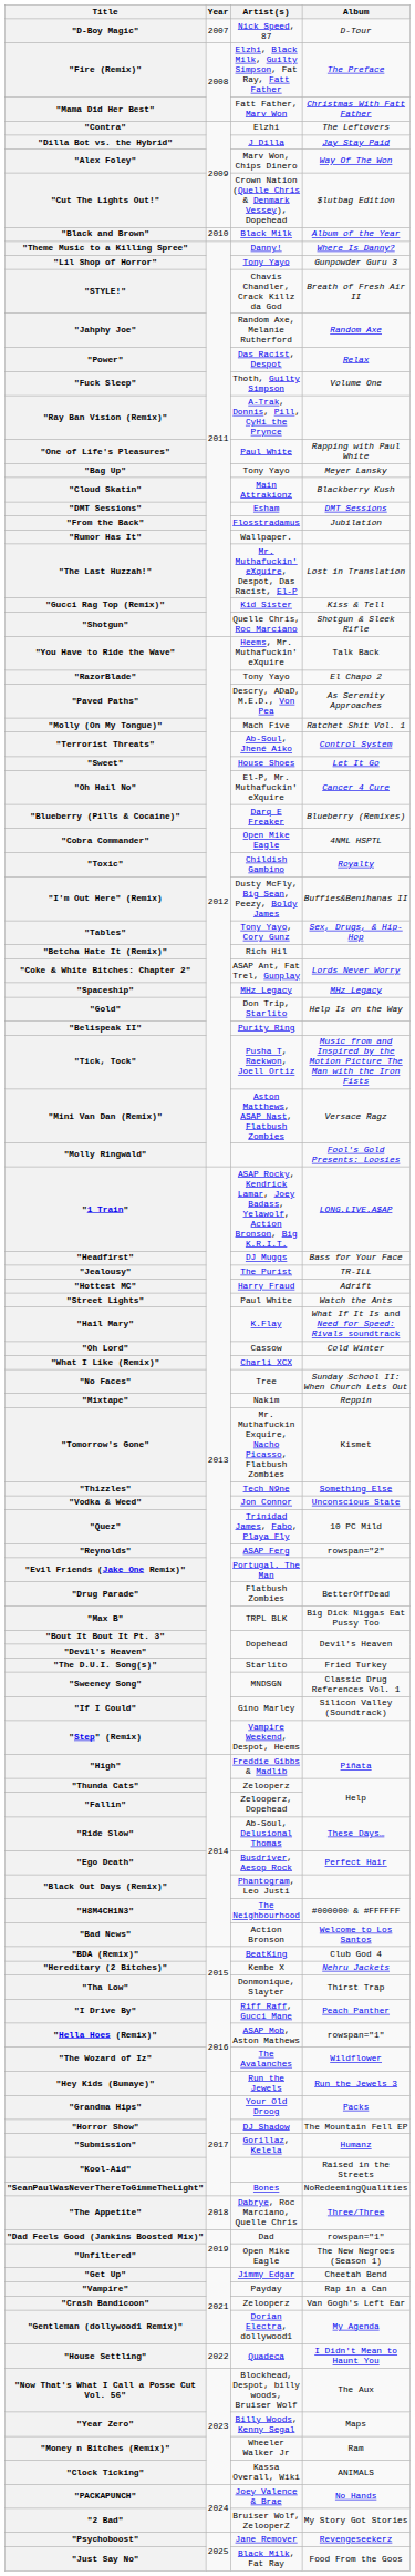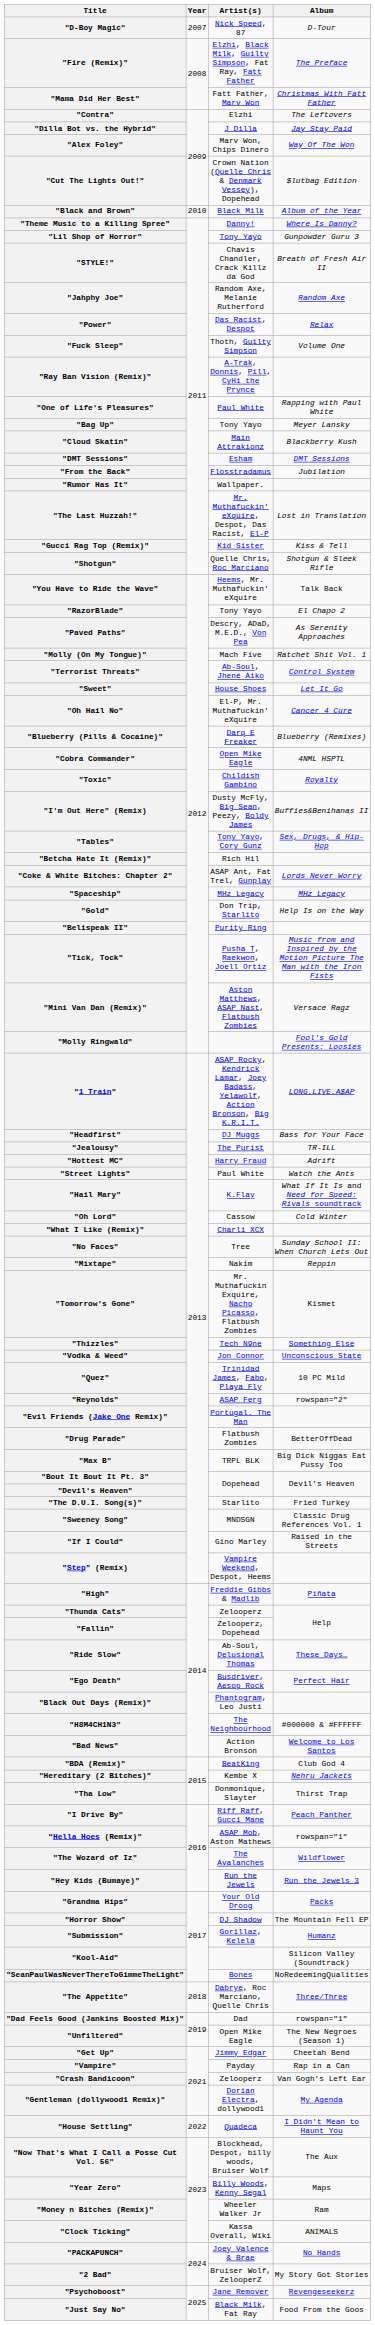 <table class="wikitable plainrowheaders" style="text-align:center;">
 <tr>
 <th scope="col" style="width:16em;">Title</th>
 <th scope="col">Year</th>
 <th scope="col">Artist(s)</th>
 <th scope="col">Album</th>
 </tr>
 <tr>
 <th scope="row">"D-Boy Magic"</th>
 <td>2007</td>
 <td><a href='#'>Nick Speed</a>, 87</td>
 <td><em>D-Tour</em></td>
 </tr>
 <tr>
 <th scope="row">"Fire (Remix)"</th>
 <td rowspan="2">2008</td>
 <td><a href='#'>Elzhi</a>, <a href='#'>Black Milk</a>, <a href='#'>Guilty Simpson</a>, Fat Ray, <a href='#'>Fatt Father</a></td>
 <td><em><a href='#'>The Preface</a></em></td>
 </tr>
 <tr>
 <th scope="row">"Mama Did Her Best"</th>
 <td>Fatt Father, <a href='#'>Marv Won</a></td>
 <td><em><a href='#'>Christmas With Fatt Father</a></em></td>
 </tr>
 <tr>
 <th scope="row">"Contra"</th>
 <td rowspan="4">2009</td>
 <td>Elzhi</td>
 <td><em>The Leftovers</em></td>
 </tr>
 <tr>
 <th scope="row">"Dilla Bot vs. the Hybrid"</th>
 <td><a href='#'>J Dilla</a></td>
 <td><em><a href='#'>Jay Stay Paid</a></em></td>
 </tr>
 <tr>
 <th scope="row">"Alex Foley"</th>
 <td>Marv Won, Chips Dinero</td>
 <td><em><a href='#'>Way Of The Won</a></em></td>
 </tr>
 <tr>
 <th scope="row">"Cut The Lights Out!"</th>
 <td>Crown Nation (<a href='#'>Quelle Chris</a> & <a href='#'>Denmark Vessey</a>), Dopehead</td>
 <td><em>$lutbag Edition</em></td>
 </tr>
 <tr>
 <th scope="row">"Black and Brown"</th>
 <td>2010</td>
 <td><a href='#'>Black Milk</a></td>
 <td><em><a href='#'>Album of the Year</a></em></td>
 </tr>
 <tr>
 <th scope="row">"Theme Music to a Killing Spree"</th>
 <td rowspan="16">2011</td>
 <td><a href='#'>Danny!</a></td>
 <td><em><a href='#'>Where Is Danny?</a></em></td>
 </tr>
 <tr>
 <th scope="row">"Lil Shop of Horror"</th>
 <td><a href='#'>Tony Yayo</a></td>
 <td><em>Gunpowder Guru 3</em></td>
 </tr>
 <tr>
 <th scope="row">"STYLE!"</th>
 <td>Chavis Chandler, Crack Killz da God</td>
 <td><em>Breath of Fresh Air II</em></td>
 </tr>
 <tr>
 <th scope="row">"Jahphy Joe"</th>
 <td>Random Axe, Melanie Rutherford</td>
 <td><em><a href='#'>Random Axe</a></em></td>
 </tr>
 <tr>
 <th scope="row">"Power"</th>
 <td><a href='#'>Das Racist</a>, <a href='#'>Despot</a></td>
 <td><em><a href='#'>Relax</a></em></td>
 </tr>
 <tr>
 <th scope="row">"Fuck Sleep"</th>
 <td>Thoth, <a href='#'>Guilty Simpson</a></td>
 <td><em>Volume One</em></td>
 </tr>
 <tr>
 <th scope="row">"Ray Ban Vision (Remix)"</th>
 <td><a href='#'>A-Trak</a>, <a href='#'>Donnis</a>, <a href='#'>Pill</a>, <a href='#'>CyHi the Prynce</a></td>
 <td></td>
 </tr>
 <tr>
 <th scope="row">"One of Life's Pleasures"</th>
 <td><a href='#'>Paul White</a></td>
 <td><em>Rapping with Paul White</em></td>
 </tr>
 <tr>
 <th scope="row">"Bag Up"</th>
 <td>Tony Yayo</td>
 <td><em>Meyer Lansky</em></td>
 </tr>
 <tr>
 <th scope="row">"Cloud Skatin"</th>
 <td><a href='#'>Main Attrakionz</a></td>
 <td><em>Blackberry Kush</em></td>
 </tr>
 <tr>
 <th scope="row">"DMT Sessions"</th>
 <td><a href='#'>Esham</a></td>
 <td><em><a href='#'>DMT Sessions</a></em></td>
 </tr>
 <tr>
 <th scope="row">"From the Back"</th>
 <td><a href='#'>Flosstradamus</a></td>
 <td><em>Jubilation</em></td>
 </tr>
 <tr>
 <th scope="row">"Rumor Has It"</th>
 <td>Wallpaper.</td>
 <td></td>
 </tr>
 <tr>
 <th scope="row">"The Last Huzzah!"</th>
 <td><a href='#'>Mr. Muthafuckin' eXquire</a>, Despot, Das Racist, <a href='#'>El-P</a></td>
 <td><em>Lost in Translation</em></td>
 </tr>
 <tr>
 <th scope="row">"Gucci Rag Top (Remix)"</th>
 <td><a href='#'>Kid Sister</a></td>
 <td><em>Kiss & Tell</em></td>
 </tr>
 <tr>
 <th scope="row">"Shotgun"</th>
 <td>Quelle Chris, <a href='#'>Roc Marciano</a></td>
 <td><em>Shotgun & Sleek Rifle</em></td>
 </tr>
 <tr>
 <th scope="row">"You Have to Ride the Wave"</th>
 <td rowspan="20">2012</td>
 <td><a href='#'>Heems</a>, Mr. Muthafuckin' eXquire</td>
 <td></em>Talk Back<em></td>
 </tr>
 <tr>
 <th scope="row">"RazorBlade"</th>
 <td>Tony Yayo</td>
 <td><em>El Chapo 2</em></td>
 </tr>
 <tr>
 <th scope="row">"Paved Paths"</th>
 <td>Descry, ADaD, M.E.D., <a href='#'>Von Pea</a></td>
 <td><em>As Serenity Approaches</em></td>
 </tr>
 <tr>
 <th scope="row">"Molly (On My Tongue)"</th>
 <td>Mach Five</td>
 <td><em>Ratchet Shit Vol. 1</em></td>
 </tr>
 <tr>
 <th scope="row">"Terrorist Threats"</th>
 <td><a href='#'>Ab-Soul</a>, <a href='#'>Jhené Aiko</a></td>
 <td><em><a href='#'>Control System</a></em></td>
 </tr>
 <tr>
 <th scope="row">"Sweet"</th>
 <td><a href='#'>House Shoes</a></td>
 <td><em><a href='#'>Let It Go</a></em></td>
 </tr>
 <tr>
 <th scope="row">"Oh Hail No"</th>
 <td>El-P, Mr. Muthafuckin' eXquire</td>
 <td><em><a href='#'>Cancer 4 Cure</a></em></td>
 </tr>
 <tr>
 <th scope="row">"Blueberry (Pills & Cocaine)"</th>
 <td><a href='#'>Darq E Freaker</a></td>
 <td><em>Blueberry (Remixes)</em></td>
 </tr>
 <tr>
 <th scope="row">"Cobra Commander"</th>
 <td><a href='#'>Open Mike Eagle</a></td>
 <td><em>4NML HSPTL</em></td>
 </tr>
 <tr>
 <th scope="row">"Toxic"</th>
 <td><a href='#'>Childish Gambino</a></td>
 <td><em><a href='#'>Royalty</a></em></td>
 </tr>
 <tr>
 <th scope="row">"I'm Out Here" (Remix)</th>
 <td>Dusty McFly, <a href='#'>Big Sean</a>, Peezy, <a href='#'>Boldy James</a></td>
 <td><em>Buffies&Benihanas II</em></td>
 </tr>
 <tr>
 <th scope="row">"Tables"</th>
 <td><a href='#'>Tony Yayo</a>, <a href='#'>Cory Gunz</a></td>
 <td><em><a href='#'>Sex, Drugs, & Hip-Hop</a></em></td>
 </tr>
 <tr>
 <th scope="row">"Betcha Hate It (Remix)"</th>
 <td>Rich Hil</td>
 <td></td>
 </tr>
 <tr>
 <th scope="row">"Coke & White Bitches: Chapter 2"</th>
 <td>ASAP Ant, Fat Trel, <a href='#'>Gunplay</a></td>
 <td><em><a href='#'>Lords Never Worry</a></em></td>
 </tr>
 <tr>
 <th scope="row">"Spaceship"</th>
 <td><a href='#'>MHz Legacy</a></td>
 <td><em><a href='#'>MHz Legacy</a></em></td>
 </tr>
 <tr>
 <th scope="row">"Gold"</th>
 <td>Don Trip, <a href='#'>Starlito</a></td>
 <td><em>Help Is on the Way</em></td>
 </tr>
 <tr>
 <th scope="row">"Belispeak II"</th>
 <td><a href='#'>Purity Ring</a></td>
 <td></td>
 </tr>
 <tr>
 <th scope="row">"Tick, Tock"</th>
 <td><a href='#'>Pusha T</a>, <a href='#'>Raekwon</a>, <a href='#'>Joell Ortiz</a></td>
 <td><em><a href='#'>Music from and Inspired by the Motion Picture The Man with the Iron Fists</a></em></td>
 </tr>
 <tr>
 <th scope="row">"Mini Van Dan (Remix)"</th>
 <td><a href='#'>Aston Matthews</a>, <a href='#'>ASAP Nast</a>, <a href='#'>Flatbush Zombies</a></td>
 <td><em>Versace Ragz</em></td>
 </tr>
 <tr>
 <th scope="row">"Molly Ringwald"</th>
 <td></td>
 <td><em><a href='#'>Fool's Gold Presents: Loosies</a></em></td>
 </tr>
 <tr>
 <th scope="row">"<a href='#'>1 Train</a>"</th>
 <td rowspan="24">2013</td>
 <td><a href='#'>ASAP Rocky</a>, <a href='#'>Kendrick Lamar</a>, <a href='#'>Joey Badass</a>, <a href='#'>Yelawolf</a>, <a href='#'>Action Bronson</a>, <a href='#'>Big K.R.I.T.</a></td>
 <td><em><a href='#'>LONG.LIVE.A$AP</a></em></td>
 </tr>
 <tr>
 <th scope="row">"Headfirst"</th>
 <td><a href='#'>DJ Muggs</a></td>
 <td><em>Bass for Your Face</em></td>
 </tr>
 <tr>
 <th scope="row">"Jealousy"</th>
 <td><a href='#'>The Purist</a></td>
 <td><em>TR-ILL</em></td>
 </tr>
 <tr>
 <th scope="row">"Hottest MC"</th>
 <td><a href='#'>Harry Fraud</a></td>
 <td><em>Adrift</em></td>
 </tr>
 <tr>
 <th scope="row">"Street Lights"</th>
 <td>Paul White</td>
 <td><em>Watch the Ants</em></td>
 </tr>
 <tr>
 <th scope="row">"Hail Mary"</th>
 <td><a href='#'>K.Flay</a></td>
 <td><em>What If It Is</em> and <a href='#'><em>Need for Speed: Rivals</em> soundtrack</a></td>
 </tr>
 <tr>
 <th scope="row">"Oh Lord"</th>
 <td>Cassow</td>
 <td><em>Cold Winter</em></td>
 </tr>
 <tr>
 <th scope="row">"What I Like (Remix)"</th>
 <td><a href='#'>Charli XCX</a></td>
 <td></td>
 </tr>
 <tr>
 <th scope="row">"No Faces"</th>
 <td>Tree</td>
 <td><em>Sunday School II: When Church Lets Out</em></td>
 </tr>
 <tr>
 <th scope="row">"Mixtape"</th>
 <td>Nakim</td>
 <td><em>Reppin<strong></td>
 </tr>
 <tr>
 <th scope="row">"Tomorrow's Gone"</th>
 <td>Mr. Muthafuckin Exquire, <a href='#'>Nacho Picasso</a>, Flatbush Zombies</td>
 <td></em>Kismet<em></td>
 </tr>
 <tr>
 <th scope="row">"Thizzles"</th>
 <td><a href='#'>Tech N9ne</a></td>
 <td></em><a href='#'>Something Else</a><em></td>
 </tr>
 <tr>
 <th scope="row">"Vodka & Weed"</th>
 <td><a href='#'>Jon Connor</a></td>
 <td></em><a href='#'>Unconscious State</a><em></td>
 </tr>
 <tr>
 <th scope="row">"Quez"</th>
 <td><a href='#'>Trinidad James</a>, <a href='#'>Fabo</a>, <a href='#'>Playa Fly</a></td>
 <td></em>10 PC Mild<em></td>
 </tr>
 <tr>
 <th scope="row">"Reynolds"</th>
 <td><a href='#'>ASAP Ferg</a></td>
 <td>rowspan="2" </td>
 </tr>
 <tr>
 <th scope="row">"Evil Friends (<a href='#'>Jake One</a> Remix)"</th>
 <td><a href='#'>Portugal. The Man</a></td>
 </tr>
 <tr>
 <th scope="row">"Drug Parade"</th>
 <td>Flatbush Zombies</td>
 <td></em>BetterOffDead<em></td>
 </tr>
 <tr>
 <th scope="row">"Max B"</th>
 <td>TRPL BLK</td>
 <td></em>Big Dick Niggas Eat Pussy Too<em></td>
 </tr>
 <tr>
 <th scope="row">"Bout It Bout It Pt. 3"</th>
 <td rowspan="2">Dopehead</td>
 <td rowspan="2"></em>Devil's Heaven<em></td>
 </tr>
 <tr>
 <th scope="row">"Devil's Heaven"</th>
 </tr>
 <tr>
 <th scope="row">"The D.U.I. Song(s)"</th>
 <td>Starlito</td>
 <td></em>Fried Turkey<em></td>
 </tr>
 <tr>
 <th scope="row">"Sweeney Song"</th>
 <td>MNDSGN</td>
 <td></em>Classic Drug References Vol. 1<em></td>
 </tr>
 <tr>
 <th scope="row">"If I Could"</th>
 <td>Gino Marley</td>
-<td></em>Silicon Valley (Soundtrack)<em></td>
+<td></em>Raised in the Streets<em></td>
 </tr>
 <tr>
 <th scope="row">"<a href='#'>Step</a>" (Remix)</th>
 <td><a href='#'>Vampire Weekend</a>, Despot, Heems</td>
 <td></td>
 </tr>
 <tr>
 <th scope="row">"High"</th>
 <td rowspan="8">2014</td>
 <td><a href='#'>Freddie Gibbs</a> & <a href='#'>Madlib</a></td>
 <td></em><a href='#'>Piñata</a><em></td>
 </tr>
 <tr>
 <th scope="row">"Thunda Cats"</th>
 <td>Zelooperz</td>
 <td rowspan="2"></em>Help<em></td>
 </tr>
 <tr>
 <th scope="row">"Fallin"</th>
 <td>Zelooperz, Dopehead</td>
 </tr>
 <tr>
 <th scope="row">"Ride Slow"</th>
 <td>Ab-Soul, <a href='#'>Delusional Thomas</a></td>
 <td></em><a href='#'>These Days…</a><em></td>
 </tr>
 <tr>
 <th scope="row">"Ego Death"</th>
 <td><a href='#'>Busdriver</a>, <a href='#'>Aesop Rock</a></td>
 <td></em><a href='#'>Perfect Hair</a><em></td>
 </tr>
 <tr>
 <th scope="row">"Black Out Days (Remix)"</th>
 <td><a href='#'>Phantogram</a>, Leo Justi</td>
 <td></td>
 </tr>
 <tr>
 <th scope="row">"H8M4CH1N3"<br></th>
 <td><a href='#'>The Neighbourhood</a></td>
 <td></em>#000000 & #FFFFFF<em></td>
 </tr>
 <tr>
 <th scope="row">"Bad News"</th>
 <td>Action Bronson</td>
 <td></em><a href='#'>Welcome to Los Santos</a><em></td>
 </tr>
 <tr>
 <th scope="row">"BDA (Remix)"</th>
 <td rowspan="3">2015</td>
 <td><a href='#'>BeatKing</a></td>
 <td></em>Club God 4<em></td>
 </tr>
 <tr>
 <th scope="row">"Hereditary (2 Bitches)"</th>
 <td>Kembe X</td>
 <td><em><a href='#'>Nehru Jackets</a></em></td>
 </tr>
 <tr>
 <th scope="row">"Tha Low"</th>
 <td>Donmonique, Slayter</td>
 <td></em>Thirst Trap<em></td>
 </tr>
 <tr>
 <th scope="row">"I Drive By"</th>
 <td rowspan="4">2016</td>
 <td><a href='#'>Riff Raff</a>, <a href='#'>Gucci Mane</a></td>
 <td></em><a href='#'>Peach Panther</a><em></td>
 </tr>
 <tr>
 <th scope="row">"<a href='#'>Hella Hoes</a> (Remix)"</th>
 <td><a href='#'>ASAP Mob</a>, Aston Mathews</td>
 <td>rowspan="1" </td>
 </tr>
 <tr>
 <th scope="row">"The Wozard of Iz"</th>
 <td><a href='#'>The Avalanches</a></td>
 <td><a href='#'>Wildflower</a></td>
 </tr>
 <tr>
 <th scope="row">"Hey Kids (Bumaye)"</th>
 <td><a href='#'>Run the Jewels</a></td>
 <td></em><a href='#'>Run the Jewels 3</a><em></td>
 </tr>
 <tr>
 <th scope="row">"Grandma Hips"</th>
 <td rowspan="5">2017</td>
 <td><a href='#'>Your Old Droog</a></td>
 <td></em><a href='#'>Packs</a><em></td>
 </tr>
 <tr>
 <th scope="row">"Horror Show"</th>
 <td><a href='#'>DJ Shadow</a></td>
 <td></em>The Mountain Fell EP<em></td>
 </tr>
 <tr>
 <th scope="row">"Submission"</th>
 <td><a href='#'>Gorillaz</a>, <a href='#'>Kelela</a></td>
 <td></em><a href='#'>Humanz</a><em></td>
 </tr>
 <tr>
 <th scope="row">"Kool-Aid"</th>
 <td></td>
-<td></em>Raised in the Streets<em></td>
+<td></em>Silicon Valley (Soundtrack)<em></td>
 </tr>
 <tr>
 <th scope="row">"SeanPaulWasNeverThereToGimmeTheLight"</th>
 <td><a href='#'>Bones</a></td>
 <td></em>NoRedeemingQualities<em></td>
 </tr>
 <tr>
 <th scope="row">"The Appetite"</th>
 <td>2018</td>
 <td><a href='#'>Dabrye</a>, Roc Marciano, Quelle Chris</td>
 <td></em><a href='#'>Three/Three</a><em></td>
 </tr>
 <tr>
 <th scope="row">"Dad Feels Good (Jankins Boosted Mix)"</th>
 <td rowspan="2">2019</td>
 <td>Dad</td>
 <td>rowspan="1" </td>
 </tr>
 <tr>
 <th scope="row">"Unfiltered"</th>
 <td>Open Mike Eagle</td>
 <td></em>The New Negroes (Season 1)<em></td>
 </tr>
 <tr>
 <th scope="row">"Get Up"</th>
 <td rowspan="4">2021</td>
 <td><a href='#'>Jimmy Edgar</a></td>
 <td></em>Cheetah Bend<em></td>
 </tr>
 <tr>
 <th scope="row">"Vampire"</th>
 <td>Payday</td>
 <td></em>Rap in a Can<em></td>
 </tr>
 <tr>
 <th scope="row">"Crash Bandicoon"</th>
 <td>Zelooperz</td>
 <td></em>Van Gogh's Left Ear<em></td>
 </tr>
 <tr>
 <th scope="row">"Gentleman (dollywood1 Remix)"</th>
 <td><a href='#'>Dorian Electra</a>, dollywood1</td>
 <td></em><a href='#'>My Agenda</a><em></td>
 </tr>
 <tr>
 <th scope="row">"House Settling"</th>
 <td>2022</td>
 <td><a href='#'>Quadeca</a></td>
 <td></em><a href='#'>I Didn't Mean to Haunt You</a><em></td>
 </tr>
 <tr>
 <th scope="row">"Now That's What I Call a Posse Cut Vol. 56"</th>
 <td rowspan="4">2023</td>
 <td>Blockhead, Despot, billy woods, Bruiser Wolf</td>
 <td></em>The Aux<em></td>
 </tr>
 <tr>
 <th scope="row">"Year Zero"</th>
 <td><a href='#'>Billy Woods</a>, <a href='#'>Kenny Segal</a></td>
 <td></em>Maps<em></td>
 </tr>
 <tr>
 <th scope="row">"Money n Bitches (Remix)"</th>
 <td>Wheeler Walker Jr</td>
 <td></em>Ram<em></td>
 </tr>
 <tr>
 <th scope="row">"Clock Ticking"</th>
 <td>Kassa Overall, Wiki</td>
 <td></em>ANIMALS<em></td>
 </tr>
 <tr>
 <th scope="row">"PACKAPUNCH"</th>
 <td rowspan="2">2024</td>
 <td><a href='#'>Joey Valence & Brae</a></td>
 <td></em><a href='#'>No Hands</a><em></td>
 </tr>
 <tr>
 <th scope="row">"2 Bad"</th>
 <td>Bruiser Wolf, ZelooperZ</td>
 <td></em>My Story Got Stories<em></td>
 </tr>
 <tr>
 <th scope="row">"Psychoboost"</th>
 <td rowspan="2">2025</td>
 <td><a href='#'>Jane Remover</a></td>
 <td></em><a href='#'>Revengeseekerz</a><em></td>
 </tr>
 <tr>
 <th scope="row">"Just Say No"</th>
 <td><a href='#'>Black Milk</a>, Fat Ray</td>
 <td></em>Food From the Goos<em></td>
 </tr>
 </table>
